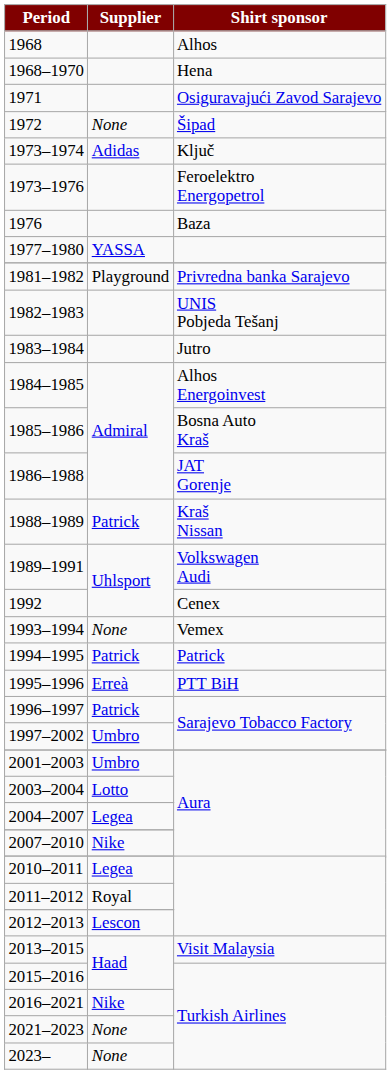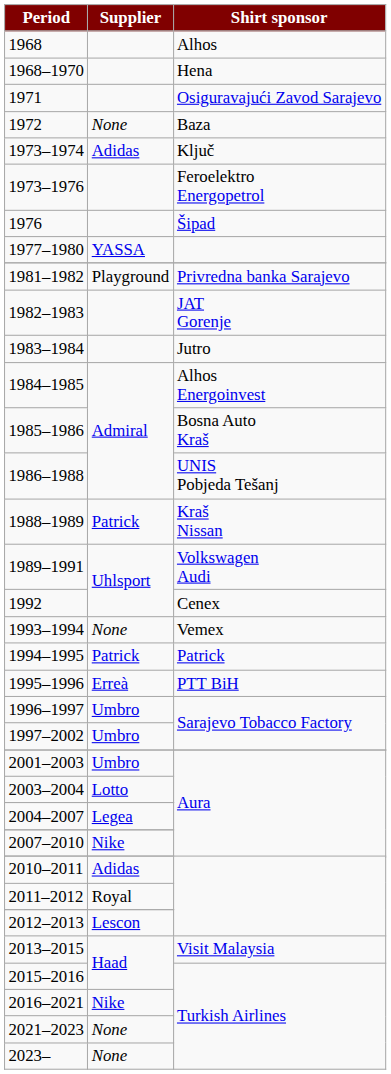 <table class="wikitable">
 <tr>
 <th style="color:#FFFFFF;background:#800000;">Period</th>
 <th style="color:#FFFFFF;background:#800000;">Supplier</th>
 <th style="color:#FFFFFF;background:#800000;">Shirt sponsor</th>
 </tr>
 <tr>
 <td>1968</td>
 <td></td>
 <td>Alhos</td>
 </tr>
 <tr>
 <td>1968–1970</td>
 <td></td>
 <td>Hena</td>
 </tr>
 <tr>
 <td>1971</td>
 <td></td>
 <td><a href='#'>Osiguravajući Zavod Sarajevo</a></td>
 </tr>
 <tr>
 <td>1972</td>
 <td><em>None</em></td>
-<td><a href='#'>Šipad</a></td>
+<td>Baza</td>
 </tr>
 <tr>
 <td>1973–1974</td>
 <td><a href='#'>Adidas</a></td>
 <td>Ključ</td>
 </tr>
 <tr>
 <td>1973–1976</td>
 <td></td>
 <td>Feroelektro<br><a href='#'>Energopetrol</a></td>
 </tr>
 <tr>
 <td>1976</td>
 <td></td>
-<td>Baza</td>
+<td><a href='#'>Šipad</a></td>
 </tr>
 <tr>
 <td>1977–1980</td>
 <td><a href='#'>YASSA</a></td>
 <td></td>
 </tr>
 <tr>
 </tr>
 <tr>
 <td>1981–1982</td>
 <td>Playground</td>
 <td><a href='#'>Privredna banka Sarajevo</a></td>
 </tr>
 <tr>
 <td>1982–1983</td>
 <td></td>
-<td><a href='#'>UNIS</a><br>Pobjeda Tešanj</td>
+<td><a href='#'>JAT</a><br><a href='#'>Gorenje</a></td>
 </tr>
 <tr>
 <td>1983–1984</td>
 <td></td>
 <td>Jutro</td>
 </tr>
 <tr>
 <td>1984–1985</td>
 <td rowspan=3><a href='#'>Admiral</a></td>
 <td>Alhos<br><a href='#'>Energoinvest</a></td>
 </tr>
 <tr>
 <td>1985–1986</td>
 <td>Bosna Auto<br><a href='#'>Kraš</a></td>
 </tr>
 <tr>
 <td>1986–1988</td>
-<td><a href='#'>JAT</a><br><a href='#'>Gorenje</a></td>
+<td><a href='#'>UNIS</a><br>Pobjeda Tešanj</td>
 </tr>
 <tr>
 <td>1988–1989</td>
 <td><a href='#'>Patrick</a></td>
 <td><a href='#'>Kraš</a><br><a href='#'>Nissan</a></td>
 </tr>
 <tr>
 <td>1989–1991</td>
 <td rowspan=2><a href='#'>Uhlsport</a></td>
 <td><a href='#'>Volkswagen</a><br><a href='#'>Audi</a></td>
 </tr>
 <tr>
 <td>1992</td>
 <td>Cenex</td>
 </tr>
 <tr>
 <td>1993–1994</td>
 <td><em>None</em></td>
 <td>Vemex</td>
 </tr>
 <tr>
 <td>1994–1995</td>
 <td><a href='#'>Patrick</a></td>
 <td><a href='#'>Patrick</a></td>
 </tr>
 <tr>
 <td>1995–1996</td>
 <td><a href='#'>Erreà</a></td>
 <td><a href='#'>PTT BiH</a></td>
 </tr>
 <tr>
 <td>1996–1997</td>
-<td><a href='#'>Patrick</a></td>
+<td><a href='#'>Umbro</a></td>
 <td rowspan=2><a href='#'>Sarajevo Tobacco Factory</a></td>
 </tr>
 <tr>
 <td>1997–2002</td>
 <td><a href='#'>Umbro</a></td>
 </tr>
 <tr>
 </tr>
 <tr>
 <td>2001–2003</td>
 <td><a href='#'>Umbro</a></td>
 <td rowspan=7><a href='#'>Aura</a></td>
 </tr>
 <tr>
 <td>2003–2004</td>
 <td><a href='#'>Lotto</a></td>
 </tr>
 <tr>
 </tr>
 <tr>
 <td>2004–2007</td>
 <td><a href='#'>Legea</a></td>
 </tr>
 <tr>
 </tr>
 <tr>
 <td>2007–2010</td>
 <td><a href='#'>Nike</a></td>
 </tr>
 <tr>
 </tr>
 <tr>
 <td>2010–2011</td>
-<td><a href='#'>Legea</a></td>
+<td><a href='#'>Adidas</a></td>
 </tr>
 <tr>
 <td>2011–2012</td>
 <td>Royal</td>
 </tr>
 <tr>
 </tr>
 <tr>
 <td>2012–2013</td>
 <td><a href='#'>Lescon</a></td>
 </tr>
 <tr>
 <td>2013–2015</td>
 <td rowspan=2><a href='#'>Haad</a></td>
 <td><a href='#'>Visit Malaysia</a></td>
 </tr>
 <tr>
 <td>2015–2016</td>
 <td rowspan=4><a href='#'>Turkish Airlines</a></td>
 </tr>
 <tr>
 <td>2016–2021</td>
 <td><a href='#'>Nike</a></td>
 </tr>
 <tr>
 <td>2021–2023</td>
 <td><em>None</em></td>
 </tr>
 <tr>
 <td>2023–</td>
 <td><em>None</em></td>
 </tr>
 </table>
